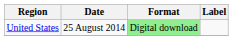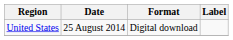 <table class=wikitable>
 <tr>
 <th>Region</th>
 <th>Date</th>
 <th>Format</th>
 <th>Label</th>
 </tr>
 <tr>
 <td><a href='#'>United States</a></td>
 <td>25 August 2014</td>
-<td style="background: lightgreen;">Digital download</td>
+<td>Digital download</td>
 <td></td>
 </tr>
 <tr>
 </tr>
 </table>
